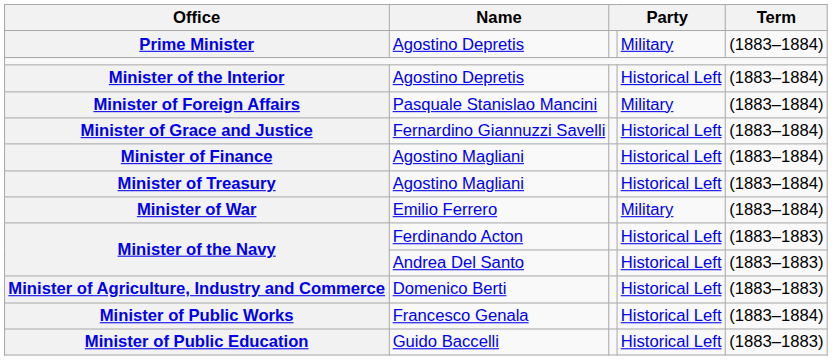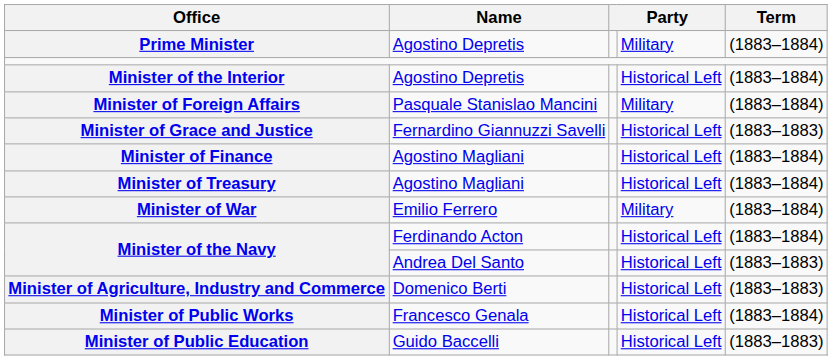 <table class="wikitable" style="font-size: 100%;">
 <tr>
 <th>Office</th>
 <th>Name</th>
 <th colspan=2>Party</th>
 <th>Term</th>
 </tr>
 <tr>
 <th><a href='#'>Prime Minister</a></th>
 <td><a href='#'>Agostino Depretis</a></td>
 <td style="color:inherit;background:"></td>
 <td><a href='#'>Military</a></td>
 <td>(1883–1884)</td>
 </tr>
 <tr>
 <td colspan=5></td>
 </tr>
 <tr>
 <th><a href='#'>Minister of the Interior</a></th>
 <td><a href='#'>Agostino Depretis</a></td>
 <td style="color:inherit;background:"></td>
 <td><a href='#'>Historical Left</a></td>
 <td>(1883–1884)</td>
 </tr>
 <tr>
 <th><a href='#'>Minister of Foreign Affairs</a></th>
 <td><a href='#'>Pasquale Stanislao Mancini</a></td>
 <td style="color:inherit;background:"></td>
 <td><a href='#'>Military</a></td>
 <td>(1883–1884)</td>
 </tr>
 <tr>
 <th><a href='#'>Minister of Grace and Justice</a></th>
 <td><a href='#'>Fernardino Giannuzzi Savelli</a></td>
 <td style="color:inherit;background:"></td>
 <td><a href='#'>Historical Left</a></td>
-<td>(1883–1884)</td>
+<td>(1883–1883)</td>
 </tr>
 <tr>
 <th><a href='#'>Minister of Finance</a></th>
 <td><a href='#'>Agostino Magliani</a></td>
 <td style="color:inherit;background:"></td>
 <td><a href='#'>Historical Left</a></td>
 <td>(1883–1884)</td>
 </tr>
 <tr>
 <th><a href='#'>Minister of Treasury</a></th>
 <td><a href='#'>Agostino Magliani</a></td>
 <td style="color:inherit;background:"></td>
 <td><a href='#'>Historical Left</a></td>
 <td>(1883–1884)</td>
 </tr>
 <tr>
 <th><a href='#'>Minister of War</a></th>
 <td><a href='#'>Emilio Ferrero</a></td>
 <td style="color:inherit;background:"></td>
 <td><a href='#'>Military</a></td>
 <td>(1883–1884)</td>
 </tr>
 <tr>
 <th rowspan=2><a href='#'>Minister of the Navy</a></th>
 <td><a href='#'>Ferdinando Acton</a></td>
 <td style="color:inherit;background:"></td>
 <td><a href='#'>Historical Left</a></td>
-<td>(1883–1883)</td>
+<td>(1883–1884)</td>
 </tr>
 <tr>
 <td><a href='#'>Andrea Del Santo</a></td>
 <td style="color:inherit;background:"></td>
 <td><a href='#'>Historical Left</a></td>
 <td>(1883–1883)</td>
 </tr>
 <tr>
 <th><a href='#'>Minister of Agriculture, Industry and Commerce</a></th>
 <td><a href='#'>Domenico Berti</a></td>
 <td style="color:inherit;background:"></td>
 <td><a href='#'>Historical Left</a></td>
 <td>(1883–1883)</td>
 </tr>
 <tr>
 <th><a href='#'>Minister of Public Works</a></th>
 <td><a href='#'>Francesco Genala</a></td>
 <td style="color:inherit;background:"></td>
 <td><a href='#'>Historical Left</a></td>
 <td>(1883–1884)</td>
 </tr>
 <tr>
 <th><a href='#'>Minister of Public Education</a></th>
 <td><a href='#'>Guido Baccelli</a></td>
 <td style="color:inherit;background:"></td>
 <td><a href='#'>Historical Left</a></td>
 <td>(1883–1883)</td>
 </tr>
 </table>
